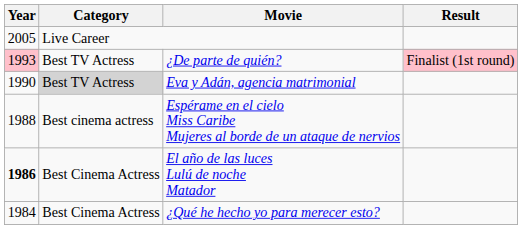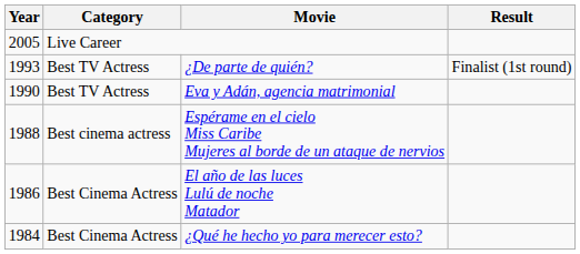 <table class=wikitable>
 <tr>
 <th>Year</th>
 <th>Category</th>
 <th>Movie</th>
 <th>Result</th>
 </tr>
 <tr>
 <td>2005</td>
 <td colspan="2">Live Career</td>
 <td></td>
 </tr>
 <tr>
-<td style="background: pink;">1993</td>
+<td>1993</td>
 <td>Best TV Actress</td>
 <td><em><a href='#'>¿De parte de quién?</a></em></td>
-<td style="background: pink;">Finalist (1st round)</td>
+<td>Finalist (1st round)</td>
 </tr>
 <tr>
 <td>1990</td>
-<td style="background: lightgrey;">Best TV Actress</td>
+<td>Best TV Actress</td>
 <td><em><a href='#'>Eva y Adán, agencia matrimonial</a></em></td>
 <td></td>
 </tr>
 <tr>
 <td>1988</td>
 <td>Best cinema actress</td>
 <td><em><a href='#'>Espérame en el cielo</a><br><a href='#'>Miss Caribe</a><br><a href='#'>Mujeres al borde de un ataque de nervios</a></em></td>
 <td></td>
 </tr>
 <tr>
-<td><strong>1986</strong></td>
+<td>1986</td>
 <td>Best Cinema Actress</td>
 <td><em><a href='#'>El año de las luces</a><br><a href='#'>Lulú de noche</a><br><a href='#'>Matador</a></em></td>
 <td></td>
 </tr>
 <tr>
 <td>1984</td>
 <td>Best Cinema Actress</td>
 <td><em><a href='#'>¿Qué he hecho yo para merecer esto?</a></em></td>
 <td></td>
 </tr>
 </table>
